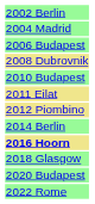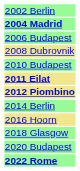 <table>
 <tr>
 <td bgcolor=palegreen><a href='#'>2002 Berlin</a></td>
 <td></td>
 <td></td>
 <td></td>
 </tr>
 <tr>
-<td bgcolor=palegreen><a href='#'>2004 Madrid</a></td>
+<td bgcolor=palegreen><strong><a href='#'>2004 Madrid</a></strong></td>
 <td></td>
 <td></td>
 <td></td>
 </tr>
 <tr>
 <td bgcolor=palegreen><a href='#'>2006 Budapest</a></td>
 <td></td>
 <td></td>
 <td></td>
 </tr>
 <tr>
 <td bgcolor=khaki><a href='#'>2008 Dubrovnik</a></td>
 <td></td>
 <td></td>
 <td></td>
 </tr>
 <tr>
 <td bgcolor=palegreen><a href='#'>2010 Budapest</a></td>
 <td></td>
 <td></td>
 <td></td>
 </tr>
 <tr>
-<td bgcolor=khaki><a href='#'>2011 Eilat</a></td>
+<td bgcolor=khaki><strong><a href='#'>2011 Eilat</a></strong></td>
 <td></td>
 <td></td>
 <td></td>
 </tr>
 <tr>
-<td bgcolor=khaki><a href='#'>2012 Piombino</a></td>
+<td bgcolor=khaki><strong><a href='#'>2012 Piombino</a></strong></td>
 <td></td>
 <td></td>
 <td></td>
 </tr>
 <tr>
 <td bgcolor=palegreen><a href='#'>2014 Berlin</a></td>
 <td></td>
 <td></td>
 <td></td>
 </tr>
 <tr>
-<td bgcolor=khaki><strong><a href='#'>2016 Hoorn</a></strong></td>
+<td bgcolor=khaki><a href='#'>2016 Hoorn</a></td>
 <td></td>
 <td></td>
 <td></td>
 </tr>
 <tr>
 <td bgcolor=palegreen><a href='#'>2018 Glasgow</a></td>
 <td></td>
 <td></td>
 <td></td>
 </tr>
 <tr>
 <td bgcolor=palegreen><a href='#'>2020 Budapest</a></td>
 <td></td>
 <td></td>
 <td></td>
 </tr>
 <tr>
-<td bgcolor=palegreen><a href='#'>2022 Rome</a></td>
+<td bgcolor=palegreen><strong><a href='#'>2022 Rome</a></strong></td>
 <td></td>
 <td></td>
 <td></td>
 </tr>
 </table>
